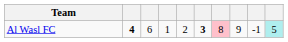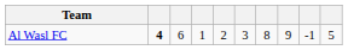 <table class="wikitable" style="text-align: center;">
 <tr>
 <th width="175">Team</th>
 <th width="20"></th>
 <th width="20"></th>
 <th width="20"></th>
 <th width="20"></th>
 <th width="20"></th>
 <th width="20"></th>
 <th width="20"></th>
 <th width="20"></th>
 <th width="20"></th>
 </tr>
 <tr>
 <td align=left> <a href='#'>Al Wasl FC</a></td>
 <td><strong>4</strong></td>
 <td>6</td>
 <td>1</td>
 <td>2</td>
-<td><strong>3</strong></td>
-<td style="background: pink;">8</td>
+<td>3</td>
+<td>8</td>
 <td>9</td>
 <td>-1</td>
-<td style="background: paleturquoise;">5</td>
+<td>5</td>
 </tr>
 </table>
